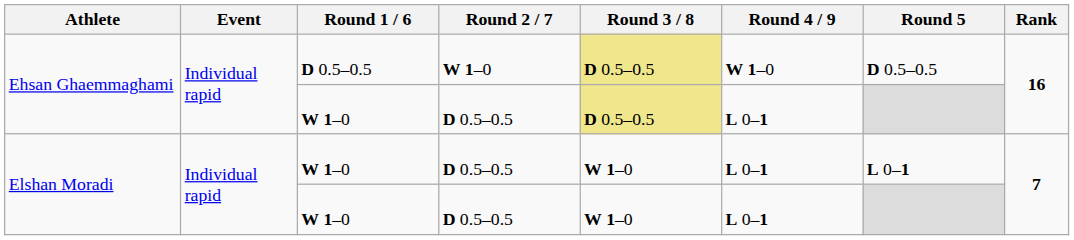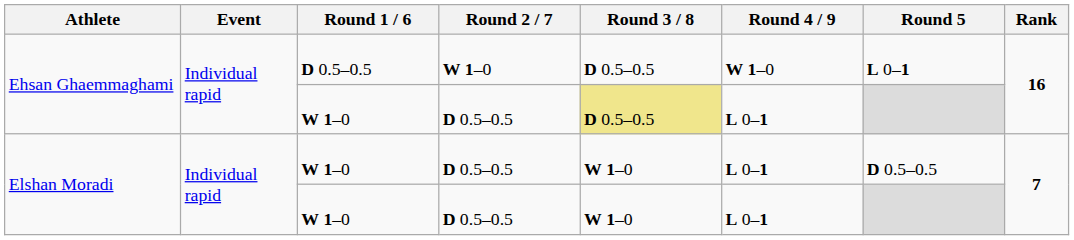 <table class="wikitable" width="98%" style="text-align:left; font-size:90%">
 <tr>
 <th width="10%">Athlete</th>
 <th width="7%">Event</th>
 <th width="9%">Round 1 / 6</th>
 <th width="9%">Round 2 / 7</th>
 <th width="9%">Round 3 / 8</th>
 <th width="9%">Round 4 / 9</th>
 <th width="9%">Round 5</th>
 <th width="3%">Rank</th>
 </tr>
 <tr>
 <td rowspan=2><a href='#'>Ehsan Ghaemmaghami</a></td>
 <td rowspan=2><a href='#'>Individual rapid</a></td>
 <td><br><strong>D</strong> 0.5–0.5</td>
 <td><br><strong>W</strong> <strong>1</strong>–0</td>
-<td style="background: khaki;"><br><strong>D</strong> 0.5–0.5</td>
+<td><br><strong>D</strong> 0.5–0.5</td>
 <td><br><strong>W</strong> <strong>1</strong>–0</td>
-<td><br><strong>D</strong> 0.5–0.5</td>
+<td><br><strong>L</strong> 0–<strong>1</strong></td>
 <td rowspan=2 align=center><strong>16</strong></td>
 </tr>
 <tr>
 <td><br><strong>W</strong> <strong>1</strong>–0</td>
 <td><br><strong>D</strong> 0.5–0.5</td>
 <td style="background: khaki;"><br><strong>D</strong> 0.5–0.5</td>
 <td><br><strong>L</strong> 0–<strong>1</strong></td>
 <td bgcolor=#DCDCDC></td>
 </tr>
 <tr>
 <td rowspan=2><a href='#'>Elshan Moradi</a></td>
 <td rowspan=2><a href='#'>Individual rapid</a></td>
 <td><br><strong>W</strong> <strong>1</strong>–0</td>
 <td><br><strong>D</strong> 0.5–0.5</td>
 <td><br><strong>W</strong> <strong>1</strong>–0</td>
 <td><br><strong>L</strong> 0–<strong>1</strong></td>
-<td><br><strong>L</strong> 0–<strong>1</strong></td>
+<td><br><strong>D</strong> 0.5–0.5</td>
 <td rowspan=2 align=center><strong>7</strong></td>
 </tr>
 <tr>
 <td><br><strong>W</strong> <strong>1</strong>–0</td>
 <td><br><strong>D</strong> 0.5–0.5</td>
 <td><br><strong>W</strong> <strong>1</strong>–0</td>
 <td><br><strong>L</strong> 0–<strong>1</strong></td>
 <td bgcolor=#DCDCDC></td>
 </tr>
 </table>
